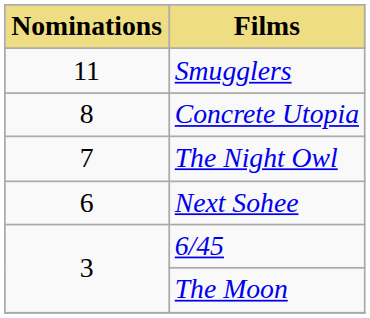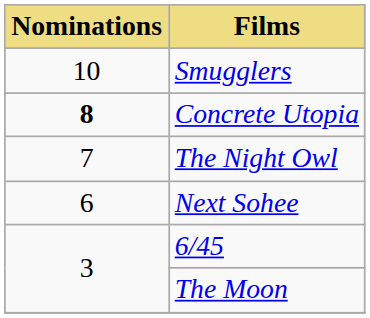 <table class="wikitable" align="center">
 <tr>
 <th style="background:#EEDD82;" align="center">Nominations</th>
 <th style="background:#EEDD82;" align="center">Films</th>
 </tr>
 <tr>
-<td style="text-align:center">11</td>
+<td style="text-align:center">10</td>
 <td><em><a href='#'>Smugglers</a></em></td>
 </tr>
 <tr>
-<td style="text-align:center">8</td>
+<td style="text-align:center"><strong>8</strong></td>
 <td><em><a href='#'>Concrete Utopia</a></em></td>
 </tr>
 <tr>
 <td style="text-align:center">7</td>
 <td><em><a href='#'>The Night Owl</a></em></td>
 </tr>
 <tr>
 <td style="text-align:center">6</td>
 <td><em><a href='#'>Next Sohee</a></em></td>
 </tr>
 <tr>
 <td rowspan=2 style="text-align:center">3</td>
 <td><em><a href='#'>6/45</a></em></td>
 </tr>
 <tr>
 <td><em><a href='#'>The Moon</a></em></td>
 </tr>
 <tr>
 </tr>
 </table>
